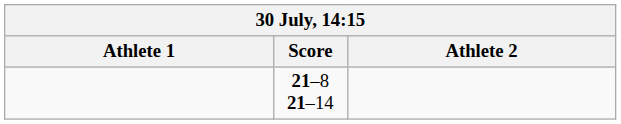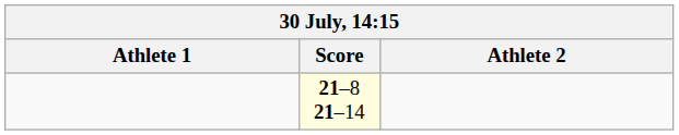 <table class="wikitable" style="text-align: center; font-size:90% ">
 <tr>
 <th colspan=3>30 July, 14:15</th>
 </tr>
 <tr>
 <th align="right" width="200">Athlete 1</th>
 <th width="50">Score</th>
 <th align="left" width="200">Athlete 2</th>
 </tr>
 <tr>
 <td align=right><strong></strong></td>
-<td align=center><strong>21</strong>–8<br><strong>21</strong>–14</td>
+<td align=center style="background: lightyellow;"><strong>21</strong>–8<br><strong>21</strong>–14</td>
 <td align=left></td>
 </tr>
 </table>
